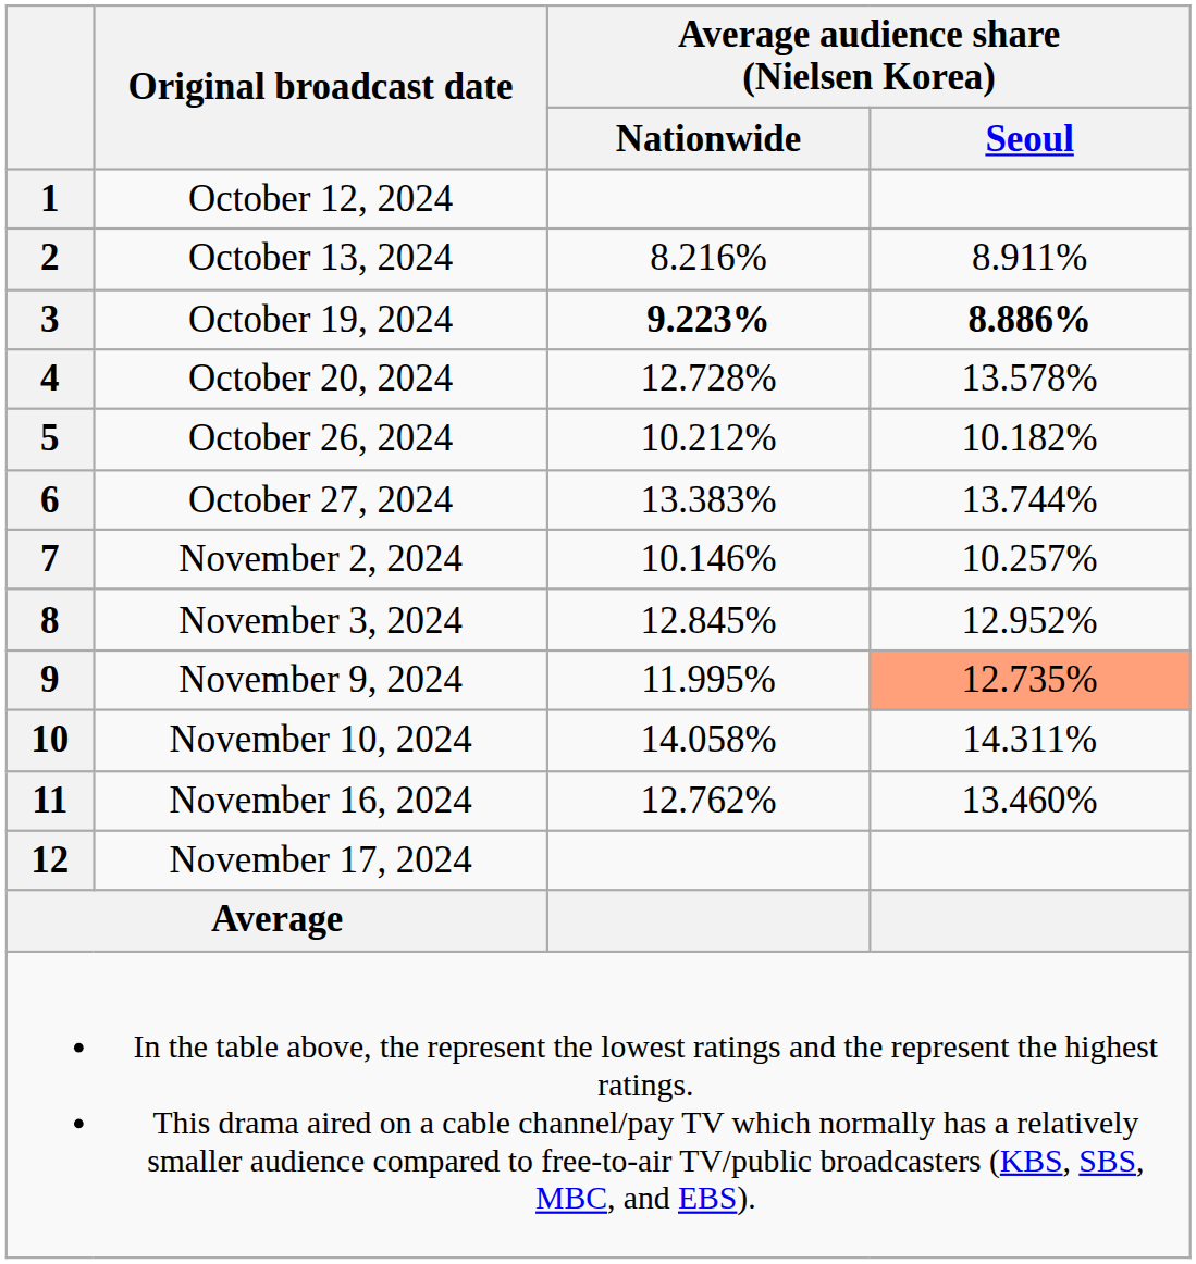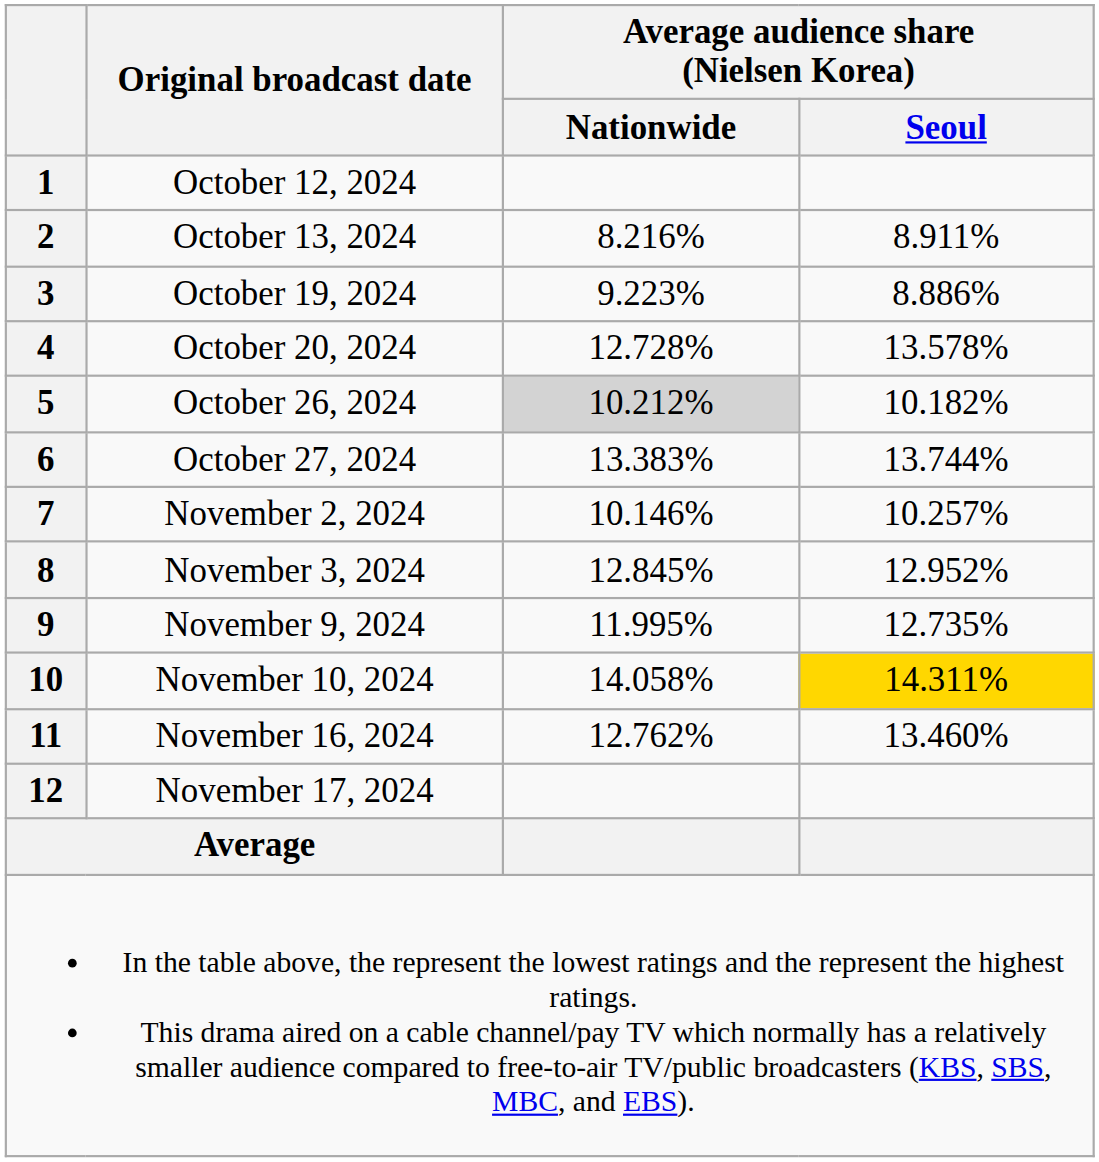 <table class="wikitable" style="margin-left:auto; margin-right:auto; width:500px; text-align:center">
 <tr>
 <th scope="col" rowspan="2"></th>
 <th scope="col" rowspan="2">Original broadcast date</th>
 <th scope="col" colspan="2">Average audience share<br>(Nielsen Korea)</th>
 </tr>
 <tr>
 <th scope="col" style="width:8em">Nationwide</th>
 <th scope="col" style="width:8em"><a href='#'>Seoul</a></th>
 </tr>
 <tr>
 <th scope="col">1</th>
 <td>October 12, 2024</td>
 <td><strong></strong> </td>
 <td><strong></strong> </td>
 </tr>
 <tr>
 <th scope="col">2</th>
 <td>October 13, 2024</td>
 <td>8.216% </td>
 <td>8.911% </td>
 </tr>
 <tr>
 <th scope="col">3</th>
 <td>October 19, 2024</td>
-<td><strong>9.223% </strong></td>
-<td><strong>8.886% </strong></td>
+<td>9.223% </td>
+<td>8.886% </td>
 </tr>
 <tr>
 <th scope="col">4</th>
 <td>October 20, 2024</td>
 <td>12.728% </td>
 <td>13.578% </td>
 </tr>
 <tr>
 <th scope="col">5</th>
 <td>October 26, 2024</td>
-<td>10.212% </td>
+<td style="background: lightgrey;">10.212% </td>
 <td>10.182% </td>
 </tr>
 <tr>
 <th scope="col">6</th>
 <td>October 27, 2024</td>
 <td>13.383% </td>
 <td>13.744% </td>
 </tr>
 <tr>
 <th scope="col">7</th>
 <td>November 2, 2024</td>
 <td>10.146% </td>
 <td>10.257% </td>
 </tr>
 <tr>
 <th scope="col">8</th>
 <td>November 3, 2024</td>
 <td>12.845% </td>
 <td>12.952% </td>
 </tr>
 <tr>
 <th scope="col">9</th>
 <td>November 9, 2024</td>
 <td>11.995% </td>
-<td style="background: lightsalmon;">12.735% </td>
+<td>12.735% </td>
 </tr>
 <tr>
 <th scope="col">10</th>
 <td>November 10, 2024</td>
 <td>14.058% </td>
-<td>14.311% </td>
+<td style="background: gold;">14.311% </td>
 </tr>
 <tr>
 <th scope="col">11</th>
 <td>November 16, 2024</td>
 <td>12.762% </td>
 <td>13.460% </td>
 </tr>
 <tr>
 <th scope="col">12</th>
 <td>November 17, 2024</td>
 <td><strong></strong> </td>
 <td><strong></strong> </td>
 </tr>
 <tr>
 <th scope="col" colspan="2">Average</th>
 <th scope="col"></th>
 <th scope="col"></th>
 </tr>
 <tr>
 <td colspan="4" style="font-size:85%"><br><ul><li>In the table above, the <strong></strong> represent the lowest ratings and the <strong></strong> represent the highest ratings.</li><li>This drama aired on a cable channel/pay TV which normally has a relatively smaller audience compared to free-to-air TV/public broadcasters (<a href='#'>KBS</a>, <a href='#'>SBS</a>, <a href='#'>MBC</a>, and <a href='#'>EBS</a>).</li></ul></td>
 </tr>
 </table>
